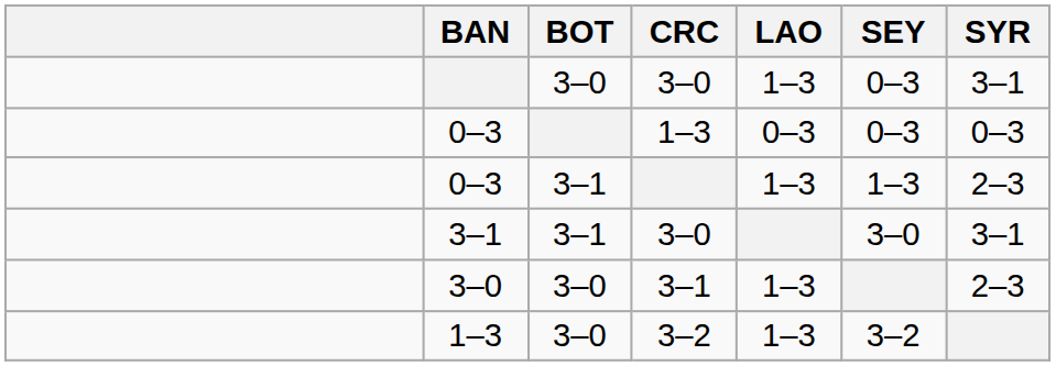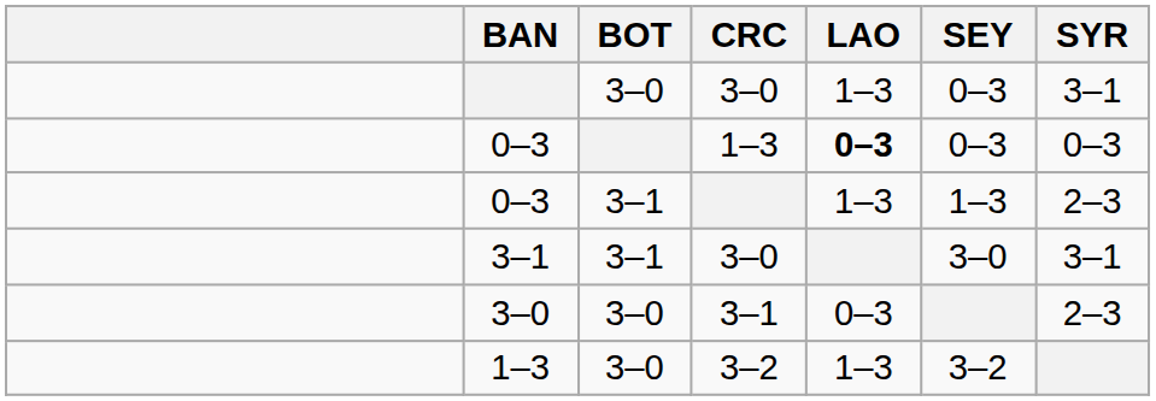 <table class="wikitable" style="text-align:center; font-size:90%">
 <tr>
 <th width="180"> </th>
 <th width="40">BAN</th>
 <th width="40">BOT</th>
 <th width="40">CRC</th>
 <th width="40">LAO</th>
 <th width="40">SEY</th>
 <th width="40">SYR</th>
 </tr>
 <tr>
 <td style="text-align:left;"></td>
 <th></th>
 <td>3–0</td>
 <td>3–0</td>
 <td>1–3</td>
 <td>0–3</td>
 <td>3–1</td>
 </tr>
 <tr>
 <td style="text-align:left;"></td>
 <td>0–3</td>
 <th></th>
 <td>1–3</td>
-<td>0–3</td>
+<td><strong>0–3</strong></td>
 <td>0–3</td>
 <td>0–3</td>
 </tr>
 <tr>
 <td style="text-align:left;"></td>
 <td>0–3</td>
 <td>3–1</td>
 <th></th>
 <td>1–3</td>
 <td>1–3</td>
 <td>2–3</td>
 </tr>
 <tr>
 <td style="text-align:left;"></td>
 <td>3–1</td>
 <td>3–1</td>
 <td>3–0</td>
 <th></th>
 <td>3–0</td>
 <td>3–1</td>
 </tr>
 <tr>
 <td style="text-align:left;"></td>
 <td>3–0</td>
 <td>3–0</td>
 <td>3–1</td>
-<td>1–3</td>
+<td>0–3</td>
 <th></th>
 <td>2–3</td>
 </tr>
 <tr>
 <td style="text-align:left;"></td>
 <td>1–3</td>
 <td>3–0</td>
 <td>3–2</td>
 <td>1–3</td>
 <td>3–2</td>
 <th></th>
 </tr>
 </table>
